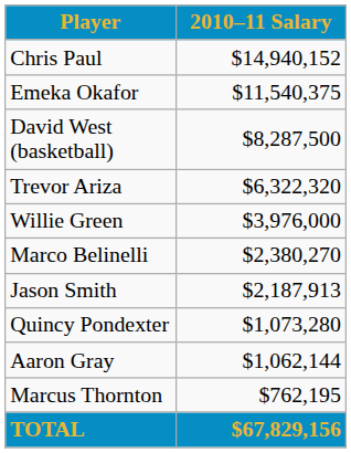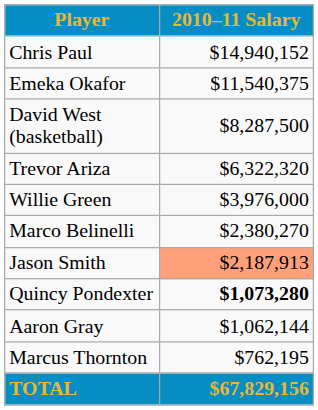 <table width=250 px; class="wikitable sortable sortable">
 <tr>
 <th style="background:#048EC4; color:#ECB634" width="50%">Player</th>
 <th style="background:#048EC4; color:#ECB634" width="50%">2010–11 Salary</th>
 </tr>
 <tr>
 <td>Chris Paul</td>
 <td align="right">$14,940,152</td>
 </tr>
 <tr>
 <td>Emeka Okafor</td>
 <td align="right">$11,540,375</td>
 </tr>
 <tr>
 <td>David West (basketball)</td>
 <td align="right">$8,287,500</td>
 </tr>
 <tr>
 <td>Trevor Ariza</td>
 <td align="right">$6,322,320</td>
 </tr>
 <tr>
 <td>Willie Green</td>
 <td align="right">$3,976,000</td>
 </tr>
 <tr>
 <td>Marco Belinelli</td>
 <td align="right">$2,380,270</td>
 </tr>
 <tr>
 <td>Jason Smith</td>
-<td align="right">$2,187,913</td>
+<td align="right" style="background: lightsalmon;">$2,187,913</td>
 </tr>
 <tr>
 <td>Quincy Pondexter</td>
-<td align="right">$1,073,280</td>
+<td align="right"><strong>$1,073,280</strong></td>
 </tr>
 <tr>
 <td>Aaron Gray</td>
 <td align="right">$1,062,144</td>
 </tr>
 <tr>
 <td>Marcus Thornton</td>
 <td align="right">$762,195</td>
 </tr>
 <tr class="sortbottom">
 <td style="background:#048EC4; color:#ECB634" width="50%"><strong>TOTAL</strong></td>
 <td style="background:#048EC4; color:#ECB634" width="50%" align="right"><strong>$67,829,156</strong></td>
 </tr>
 </table>
